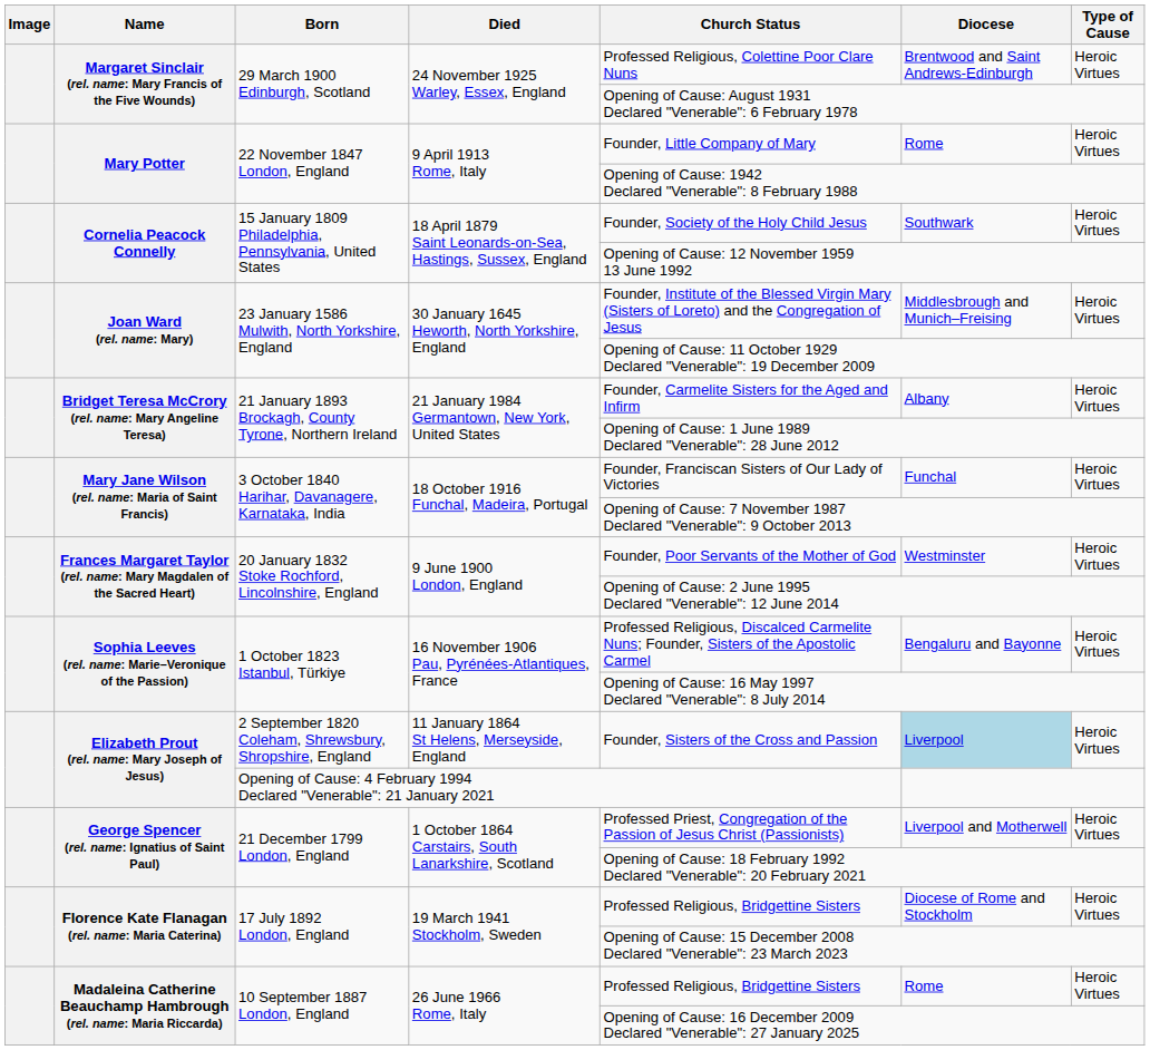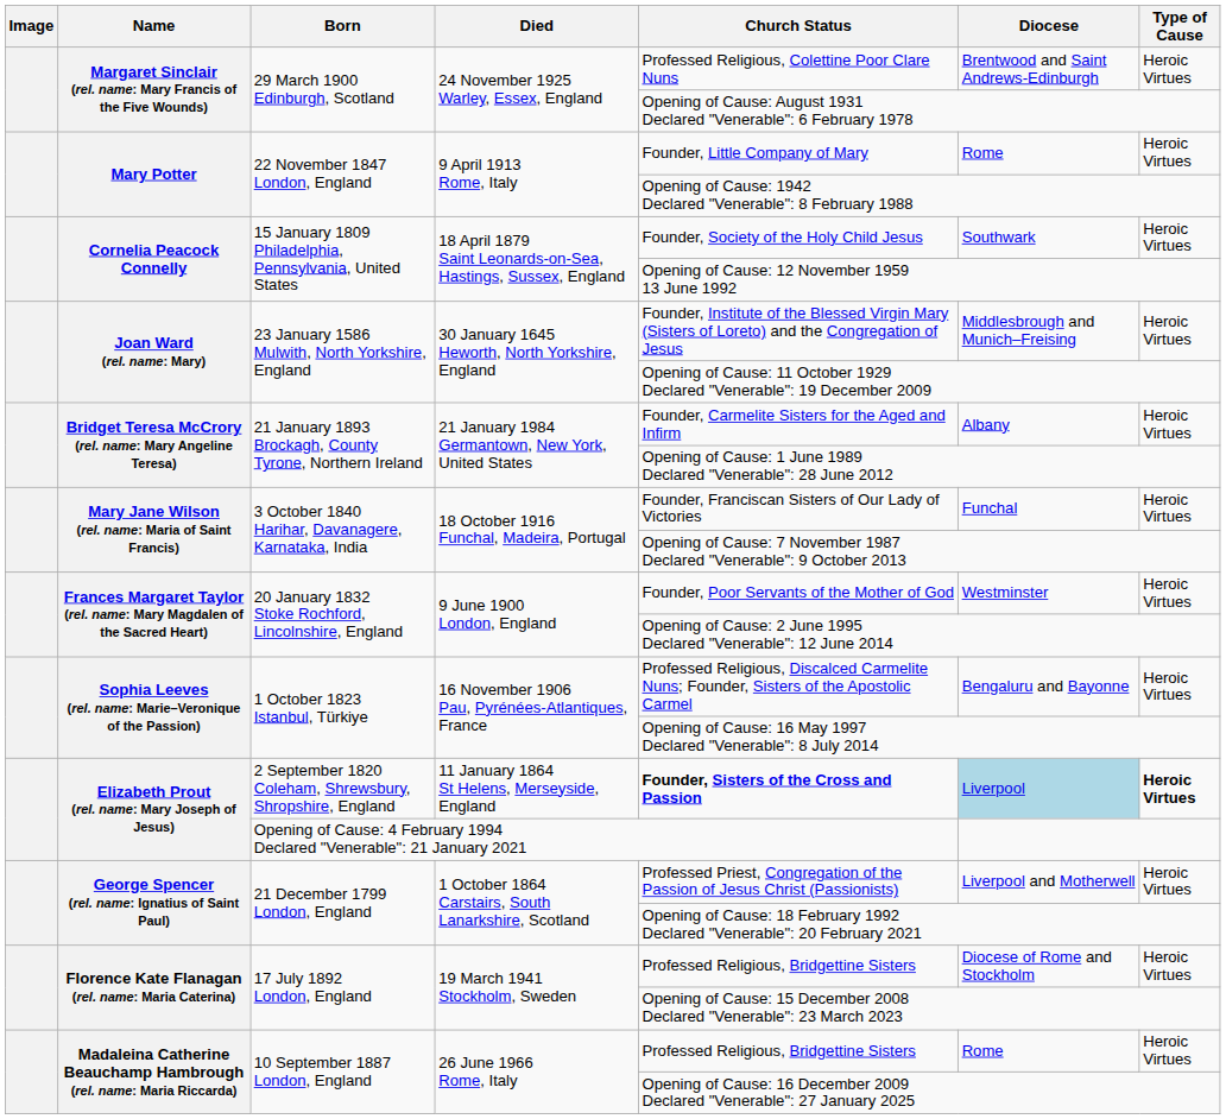 <table class="wikitable">
 <tr>
 <th class="unportable">Image</th>
 <th>Name</th>
 <th>Born</th>
 <th>Died</th>
 <th>Church Status</th>
 <th>Diocese</th>
 <th>Type of Cause</th>
 </tr>
 <tr>
 <th scope="row" rowspan="2"></th>
 <th rowspan="2"><a href='#'>Margaret Sinclair</a> <br><small>(<em>rel. name</em>: Mary Francis of the Five Wounds)</small></th>
 <td rowspan="2">29 March 1900 <br><a href='#'>Edinburgh</a>, Scotland</td>
 <td rowspan="2">24 November 1925 <br><a href='#'>Warley</a>, <a href='#'>Essex</a>, England</td>
 <td>Professed Religious, <a href='#'>Colettine Poor Clare Nuns</a></td>
 <td><a href='#'>Brentwood</a> and <a href='#'>Saint Andrews-Edinburgh</a></td>
 <td>Heroic Virtues</td>
 </tr>
 <tr>
 <td colspan="3">Opening of Cause: August 1931 <br>Declared "Venerable": 6 February 1978</td>
 </tr>
 <tr>
 <th scope="row" rowspan="2"></th>
 <th rowspan="2"><a href='#'>Mary Potter</a></th>
 <td rowspan="2">22 November 1847 <br><a href='#'>London</a>, England</td>
 <td rowspan="2">9 April 1913 <br><a href='#'>Rome</a>, Italy</td>
 <td>Founder, <a href='#'>Little Company of Mary</a></td>
 <td><a href='#'>Rome</a></td>
 <td>Heroic Virtues</td>
 </tr>
 <tr>
 <td colspan="3">Opening of Cause: 1942 <br>Declared "Venerable": 8 February 1988</td>
 </tr>
 <tr>
 <th scope="row" rowspan="2"></th>
 <th rowspan="2"><a href='#'>Cornelia Peacock Connelly</a></th>
 <td rowspan="2">15 January 1809 <br><a href='#'>Philadelphia</a>, <a href='#'>Pennsylvania</a>, United States</td>
 <td rowspan="2">18 April 1879 <br><a href='#'>Saint Leonards-on-Sea</a>, <a href='#'>Hastings</a>, <a href='#'>Sussex</a>, England</td>
 <td>Founder, <a href='#'>Society of the Holy Child Jesus</a></td>
 <td><a href='#'>Southwark</a></td>
 <td>Heroic Virtues</td>
 </tr>
 <tr>
 <td colspan="3">Opening of Cause: 12 November 1959 <br>13 June 1992</td>
 </tr>
 <tr>
 <th scope="row" rowspan="2"></th>
 <th rowspan="2"><a href='#'>Joan Ward</a> <br><small>(<em>rel. name</em>: Mary)</small></th>
 <td rowspan="2">23 January 1586 <br><a href='#'>Mulwith</a>, <a href='#'>North Yorkshire</a>, England</td>
 <td rowspan="2">30 January 1645 <br><a href='#'>Heworth</a>, <a href='#'>North Yorkshire</a>, England</td>
 <td>Founder, <a href='#'>Institute of the Blessed Virgin Mary (Sisters of Loreto)</a> and the <a href='#'>Congregation of Jesus</a></td>
 <td><a href='#'>Middlesbrough</a> and <a href='#'>Munich–Freising</a></td>
 <td>Heroic Virtues</td>
 </tr>
 <tr>
 <td colspan="3">Opening of Cause: 11 October 1929 <br>Declared "Venerable": 19 December 2009</td>
 </tr>
 <tr>
 <th scope="row" rowspan="2"></th>
 <th rowspan="2"><a href='#'>Bridget Teresa McCrory</a> <br><small>(<em>rel. name</em>: Mary Angeline Teresa)</small></th>
 <td rowspan="2">21 January 1893 <br><a href='#'>Brockagh</a>, <a href='#'>County Tyrone</a>, Northern Ireland</td>
 <td rowspan="2">21 January 1984 <br><a href='#'>Germantown</a>, <a href='#'>New York</a>, United States</td>
 <td>Founder, <a href='#'>Carmelite Sisters for the Aged and Infirm</a></td>
 <td><a href='#'>Albany</a></td>
 <td>Heroic Virtues</td>
 </tr>
 <tr>
 <td colspan="3">Opening of Cause: 1 June 1989 <br>Declared "Venerable": 28 June 2012</td>
 </tr>
 <tr>
 <th scope="row" rowspan="2"></th>
 <th rowspan="2"><a href='#'>Mary Jane Wilson</a><br><small>(<em>rel. name</em>: Maria of Saint Francis)</small></th>
 <td rowspan="2">3 October 1840 <br><a href='#'>Harihar</a>, <a href='#'>Davanagere</a>, <a href='#'>Karnataka</a>, India</td>
 <td rowspan="2">18 October 1916 <br><a href='#'>Funchal</a>, <a href='#'>Madeira</a>, Portugal</td>
 <td>Founder, Franciscan Sisters of Our Lady of Victories</td>
 <td><a href='#'>Funchal</a></td>
 <td>Heroic Virtues</td>
 </tr>
 <tr>
 <td colspan="3">Opening of Cause: 7 November 1987 <br>Declared "Venerable": 9 October 2013</td>
 </tr>
 <tr>
 <th scope="row" rowspan="2"></th>
 <th rowspan="2"><a href='#'>Frances Margaret Taylor</a> <br><small>(<em>rel. name</em>: Mary Magdalen of the Sacred Heart)</small></th>
 <td rowspan="2">20 January 1832 <br><a href='#'>Stoke Rochford</a>, <a href='#'>Lincolnshire</a>, England</td>
 <td rowspan="2">9 June 1900 <br><a href='#'>London</a>, England</td>
 <td>Founder, <a href='#'>Poor Servants of the Mother of God</a></td>
 <td><a href='#'>Westminster</a></td>
 <td>Heroic Virtues</td>
 </tr>
 <tr>
 <td colspan="3">Opening of Cause: 2 June 1995 <br>Declared "Venerable": 12 June 2014</td>
 </tr>
 <tr>
 <th scope="row" rowspan="2"></th>
 <th rowspan="2"><a href='#'>Sophia Leeves</a> <br><small>(<em>rel. name</em>: Marie–Veronique of the Passion)</small></th>
 <td rowspan="2">1 October 1823 <br><a href='#'>Istanbul</a>, Türkiye</td>
 <td rowspan="2">16 November 1906 <br><a href='#'>Pau</a>, <a href='#'>Pyrénées-Atlantiques</a>, France</td>
 <td>Professed Religious, <a href='#'>Discalced Carmelite Nuns</a>; Founder, <a href='#'>Sisters of the Apostolic Carmel</a></td>
 <td><a href='#'>Bengaluru</a> and <a href='#'>Bayonne</a></td>
 <td>Heroic Virtues</td>
 </tr>
 <tr>
 <td colspan="3">Opening of Cause: 16 May 1997 <br>Declared "Venerable": 8 July 2014</td>
 </tr>
 <tr>
 <th scope="row" rowspan="2"></th>
 <th rowspan="2"><a href='#'>Elizabeth Prout</a> <br><small>(<em>rel. name</em>: Mary Joseph of Jesus)</small></th>
 <td>2 September 1820 <br><a href='#'>Coleham</a>, <a href='#'>Shrewsbury</a>, <a href='#'>Shropshire</a>, England</td>
 <td>11 January 1864 <br><a href='#'>St Helens</a>, <a href='#'>Merseyside</a>, England</td>
-<td>Founder, <a href='#'>Sisters of the Cross and Passion</a></td>
+<td><strong>Founder, <a href='#'>Sisters of the Cross and Passion</a></strong></td>
 <td style="background: lightblue;"><a href='#'>Liverpool</a></td>
-<td>Heroic Virtues</td>
+<td><strong>Heroic Virtues</strong></td>
 </tr>
 <tr>
 <td colspan="3">Opening of Cause: 4 February 1994 <br>Declared "Venerable": 21 January 2021</td>
 </tr>
 <tr>
 <th scope="row" rowspan="2"></th>
 <th rowspan="2"><a href='#'>George Spencer</a> <br><small>(<em>rel. name</em>: Ignatius of Saint Paul)</small></th>
 <td rowspan="2">21 December 1799 <br><a href='#'>London</a>, England</td>
 <td rowspan="2">1 October 1864 <br><a href='#'>Carstairs</a>, <a href='#'>South Lanarkshire</a>, Scotland</td>
 <td>Professed Priest, <a href='#'>Congregation of the Passion of Jesus Christ (Passionists)</a></td>
 <td><a href='#'>Liverpool</a> and <a href='#'>Motherwell</a></td>
 <td>Heroic Virtues</td>
 </tr>
 <tr>
 <td colspan="3">Opening of Cause: 18 February 1992 <br>Declared "Venerable": 20 February 2021</td>
 </tr>
 <tr>
 <th scope="row" rowspan="2"></th>
 <th rowspan="2">Florence Kate Flanagan <br><small>(<em>rel. name</em>: Maria Caterina)</small></th>
 <td rowspan="2">17 July 1892 <br><a href='#'>London</a>, England</td>
 <td rowspan="2">19 March 1941 <br><a href='#'>Stockholm</a>, Sweden</td>
 <td>Professed Religious, <a href='#'>Bridgettine Sisters</a></td>
 <td><a href='#'>Diocese of Rome</a> and <a href='#'>Stockholm</a></td>
 <td>Heroic Virtues</td>
 </tr>
 <tr>
 <td colspan="3">Opening of Cause: 15 December 2008 <br>Declared "Venerable": 23 March 2023</td>
 </tr>
 <tr>
 <th scope="row" rowspan="2"></th>
 <th rowspan="2">Madaleina Catherine Beauchamp Hambrough <br><small>(<em>rel. name</em>: Maria Riccarda)</small></th>
 <td rowspan="2">10 September 1887 <br><a href='#'>London</a>, England</td>
 <td rowspan="2">26 June 1966 <br><a href='#'>Rome</a>, Italy</td>
 <td>Professed Religious, <a href='#'>Bridgettine Sisters</a></td>
 <td><a href='#'>Rome</a></td>
 <td>Heroic Virtues</td>
 </tr>
 <tr>
 <td colspan="3">Opening of Cause: 16 December 2009 <br>Declared "Venerable": 27 January 2025</td>
 </tr>
 </table>
